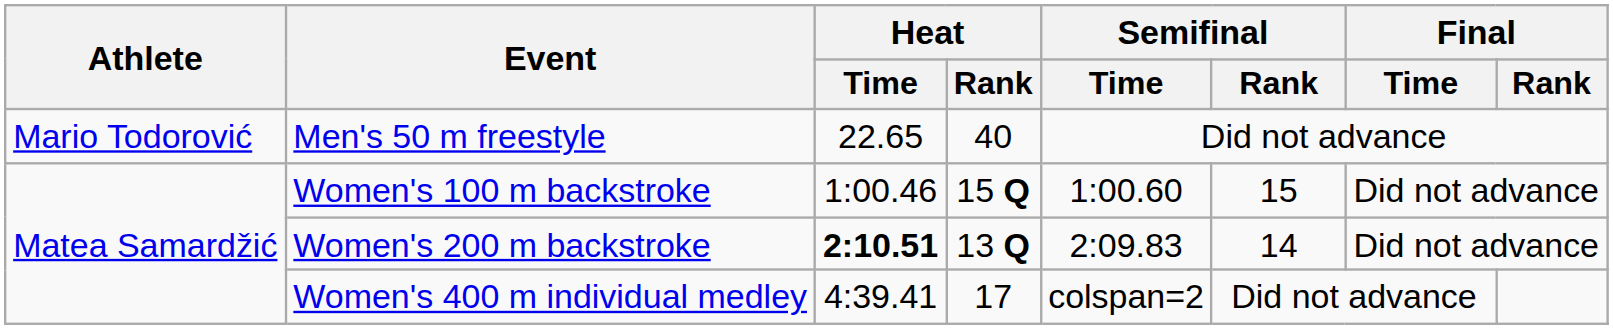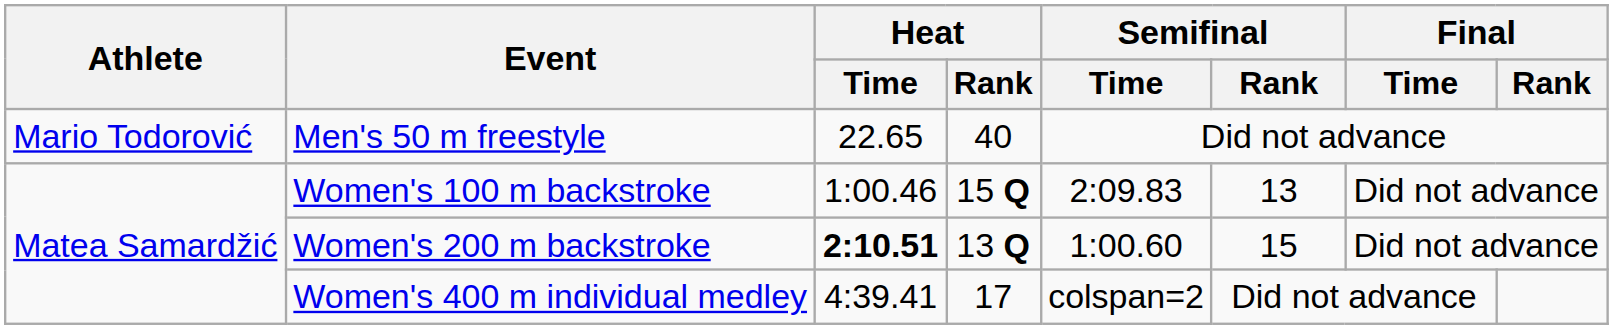 <table class=wikitable style="font-size:90%">
 <tr>
 <th rowspan="2">Athlete</th>
 <th rowspan="2">Event</th>
 <th colspan="2">Heat</th>
 <th colspan="2">Semifinal</th>
 <th colspan="2">Final</th>
 </tr>
 <tr style="font-size:95%">
 <th>Time</th>
 <th>Rank</th>
 <th>Time</th>
 <th>Rank</th>
 <th>Time</th>
 <th>Rank</th>
 </tr>
 <tr align=center>
 <td align=left><a href='#'>Mario Todorović</a></td>
 <td align=left><a href='#'>Men's 50 m freestyle</a></td>
 <td>22.65</td>
 <td>40</td>
 <td colspan=4>Did not advance</td>
 </tr>
 <tr align=center>
 <td align=left rowspan=3><a href='#'>Matea Samardžić</a></td>
 <td align=left><a href='#'>Women's 100 m backstroke</a></td>
 <td>1:00.46</td>
 <td>15 <strong>Q</strong></td>
-<td>1:00.60</td>
-<td>15</td>
+<td>2:09.83</td>
+<td>13</td>
 <td colspan=2>Did not advance</td>
 </tr>
 <tr align=center>
 <td align=left><a href='#'>Women's 200 m backstroke</a></td>
 <td><strong>2:10.51</strong></td>
 <td>13 <strong>Q</strong></td>
-<td>2:09.83</td>
-<td>14</td>
+<td>1:00.60</td>
+<td>15</td>
 <td colspan=2>Did not advance</td>
 </tr>
 <tr align=center>
 <td align=left><a href='#'>Women's 400 m individual medley</a></td>
 <td>4:39.41</td>
 <td>17</td>
 <td>colspan=2 </td>
 <td colspan=2>Did not advance</td>
 </tr>
 </table>
